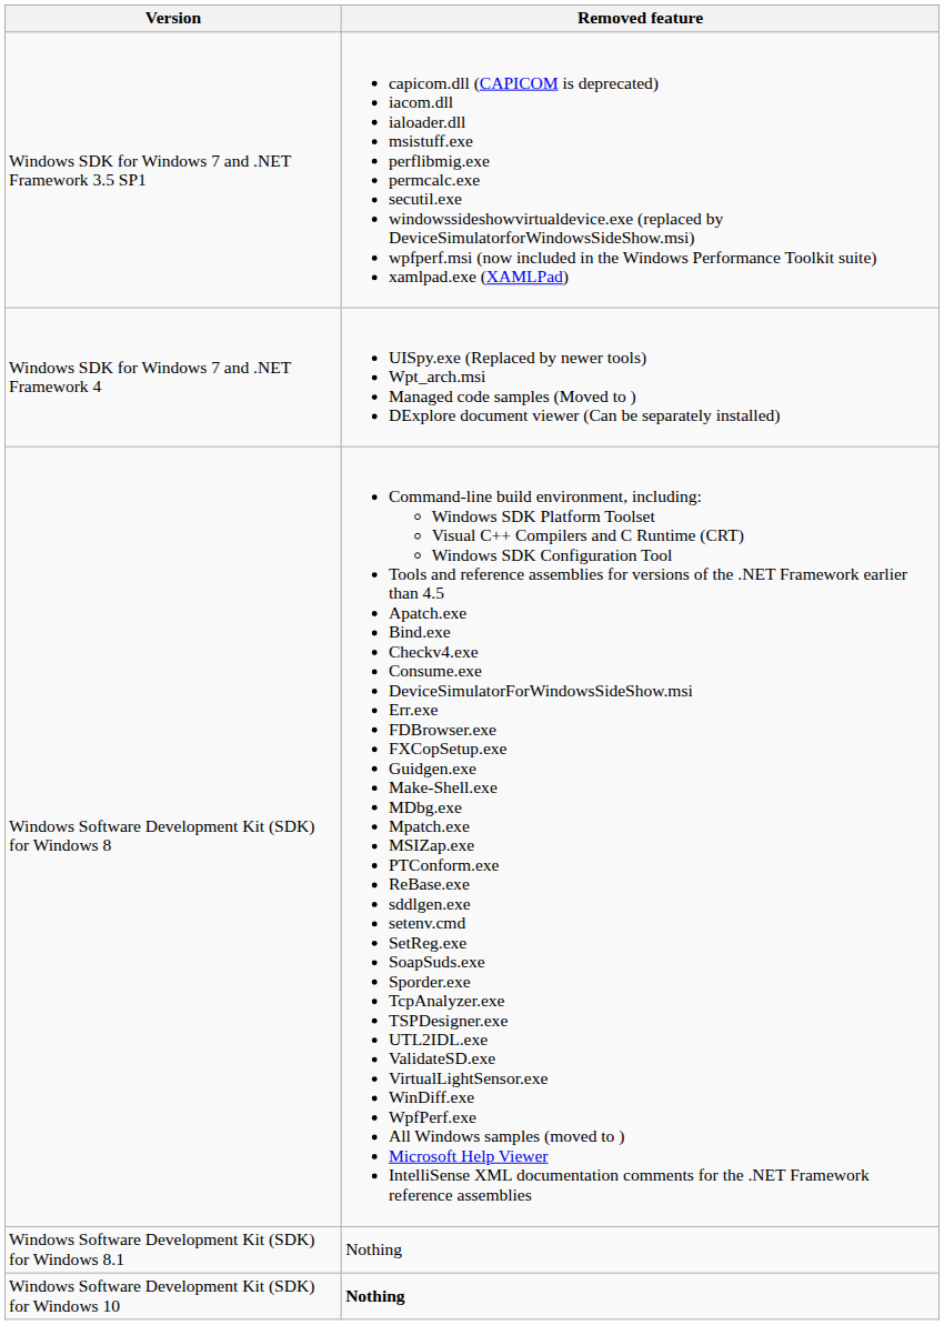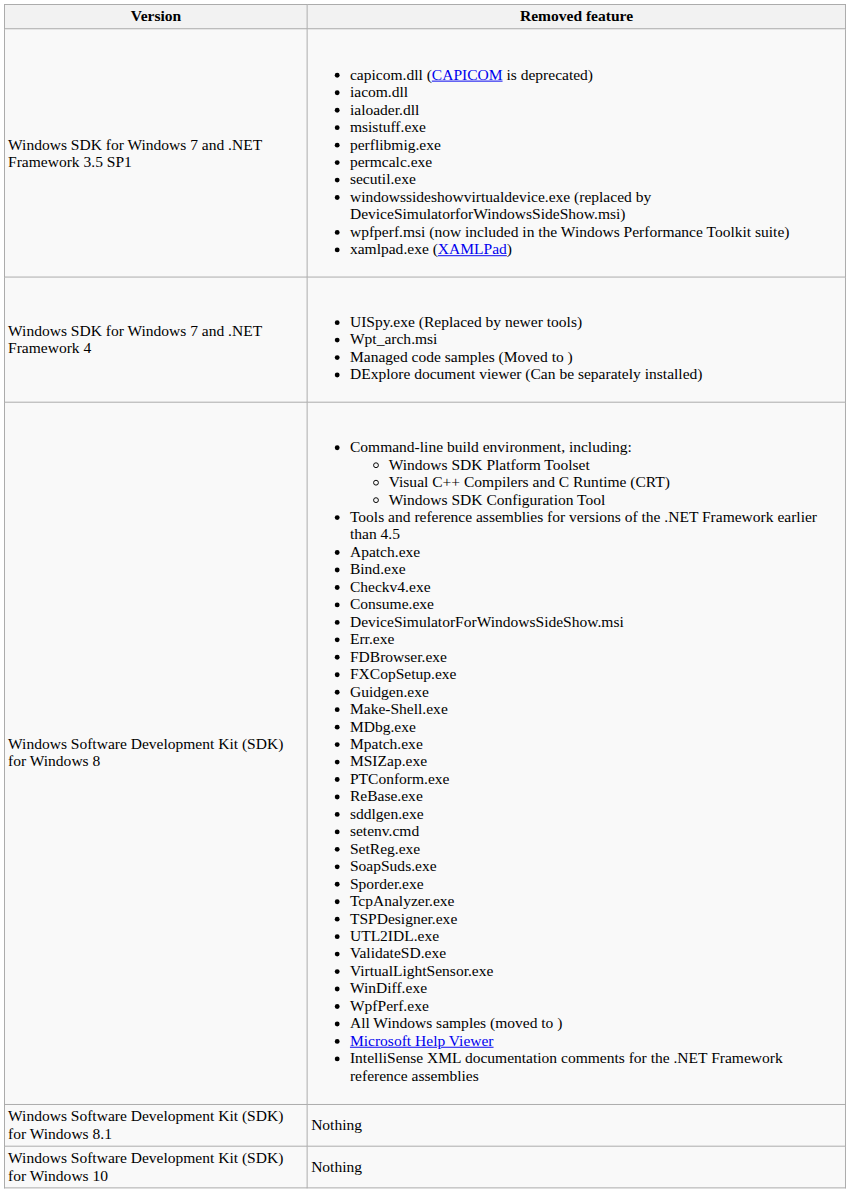 <table class="wikitable">
 <tr>
 <th>Version</th>
 <th>Removed feature<br></th>
 </tr>
 <tr>
 <td>Windows SDK for Windows 7 and .NET Framework 3.5 SP1</td>
 <td><br><ul><li>capicom.dll (<a href='#'>CAPICOM</a> is deprecated)</li><li>iacom.dll</li><li>ialoader.dll</li><li>msistuff.exe</li><li>perflibmig.exe</li><li>permcalc.exe</li><li>secutil.exe</li><li>windowssideshowvirtualdevice.exe (replaced by DeviceSimulatorforWindowsSideShow.msi)</li><li>wpfperf.msi (now included in the Windows Performance Toolkit suite)</li><li>xamlpad.exe (<a href='#'>XAMLPad</a>)</li></ul></td>
 </tr>
 <tr>
 <td>Windows SDK for Windows 7 and .NET Framework 4</td>
 <td><br><ul><li>UISpy.exe (Replaced by newer tools)</li><li>Wpt_arch.msi</li><li>Managed code samples (Moved to )</li><li>DExplore document viewer (Can be separately installed)</li></ul></td>
 </tr>
 <tr>
 <td>Windows Software Development Kit (SDK) for Windows 8</td>
 <td><br><ul><li>Command-line build environment, including:<ul><li>Windows SDK Platform Toolset</li><li>Visual C++ Compilers and C Runtime (CRT)</li><li>Windows SDK Configuration Tool</li></ul></li><li>Tools and reference assemblies for versions of the .NET Framework earlier than 4.5</li><li>Apatch.exe</li><li>Bind.exe</li><li>Checkv4.exe</li><li>Consume.exe</li><li>DeviceSimulatorForWindowsSideShow.msi</li><li>Err.exe</li><li>FDBrowser.exe</li><li>FXCopSetup.exe</li><li>Guidgen.exe</li><li>Make-Shell.exe</li><li>MDbg.exe</li><li>Mpatch.exe</li><li>MSIZap.exe</li><li>PTConform.exe</li><li>ReBase.exe</li><li>sddlgen.exe</li><li>setenv.cmd</li><li>SetReg.exe</li><li>SoapSuds.exe</li><li>Sporder.exe</li><li>TcpAnalyzer.exe</li><li>TSPDesigner.exe</li><li>UTL2IDL.exe</li><li>ValidateSD.exe</li><li>VirtualLightSensor.exe</li><li>WinDiff.exe</li><li>WpfPerf.exe</li><li>All Windows samples (moved to )</li><li><a href='#'>Microsoft Help Viewer</a></li><li>IntelliSense XML documentation comments for the .NET Framework reference assemblies</li></ul></td>
 </tr>
 <tr>
 <td>Windows Software Development Kit (SDK) for Windows 8.1</td>
 <td>Nothing</td>
 </tr>
 <tr>
 <td>Windows Software Development Kit (SDK) for Windows 10</td>
-<td><strong>Nothing</strong></td>
+<td>Nothing</td>
 </tr>
 </table>
